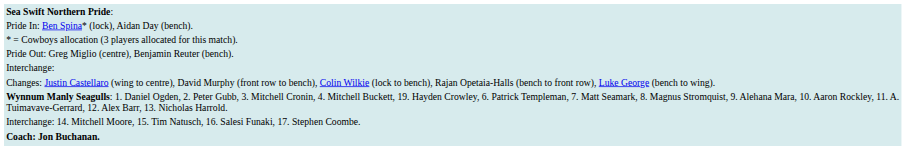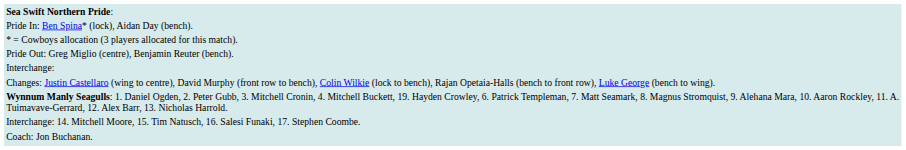 <table style="background:#d7ebed; font-size:85%; width:100%;">
 <tr>
 <td><strong>Sea Swift Northern Pride</strong>:             </td>
 </tr>
 <tr>
 <td>Pride In: <a href='#'>Ben Spina</a>* (lock), Aidan Day (bench).</td>
 </tr>
 <tr>
 <td>* = Cowboys allocation (3 players allocated for this match).</td>
 </tr>
 <tr>
 <td>Pride Out: Greg Miglio (centre), Benjamin Reuter (bench).</td>
 </tr>
 <tr>
 <td>Interchange:    </td>
 </tr>
 <tr>
 <td>Changes: <a href='#'>Justin Castellaro</a> (wing to centre), David Murphy (front row to bench), <a href='#'>Colin Wilkie</a> (lock to bench), Rajan Opetaia-Halls (bench to front row), <a href='#'>Luke George</a> (bench to wing).</td>
 </tr>
 <tr>
 <td><strong>Wynnum Manly Seagulls</strong>: 1. Daniel Ogden, 2. Peter Gubb, 3. Mitchell Cronin, 4. Mitchell Buckett, 19. Hayden Crowley, 6. Patrick Templeman, 7. Matt Seamark, 8. Magnus Stromquist, 9. Alehana Mara, 10. Aaron Rockley, 11. A. Tuimavave-Gerrard, 12. Alex Barr, 13. Nicholas Harrold.</td>
 </tr>
 <tr>
 <td>Interchange: 14. Mitchell Moore, 15. Tim Natusch, 16. Salesi Funaki, 17. Stephen Coombe.</td>
 </tr>
 <tr>
-<td><strong>Coach: Jon Buchanan.</strong></td>
+<td>Coach: Jon Buchanan.</td>
 </tr>
 <tr>
 </tr>
 </table>
